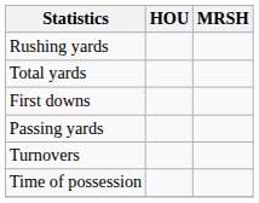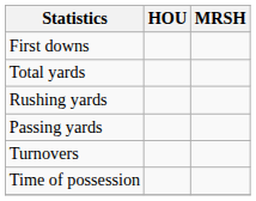 <table class="wikitable">
 <tr>
 <th>Statistics</th>
 <th>HOU</th>
 <th>MRSH</th>
 </tr>
 <tr>
-<td>Rushing yards</td>
+<td>First downs</td>
 <td></td>
 <td></td>
 </tr>
 <tr>
 <td>Total yards</td>
 <td></td>
 <td></td>
 </tr>
 <tr>
-<td>First downs</td>
+<td>Rushing yards</td>
 <td></td>
 <td></td>
 </tr>
 <tr>
 <td>Passing yards</td>
 <td></td>
 <td></td>
 </tr>
 <tr>
 <td>Turnovers</td>
 <td></td>
 <td></td>
 </tr>
 <tr>
 <td>Time of possession</td>
 <td></td>
 <td></td>
 </tr>
 <tr>
 </tr>
 </table>
